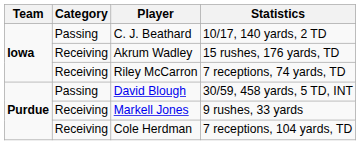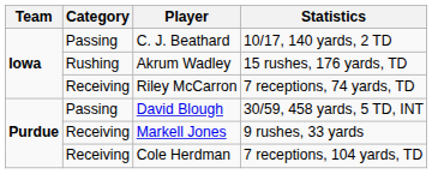 <table class="wikitable" style="float: left;">
 <tr>
 <th>Team</th>
 <th>Category</th>
 <th>Player</th>
 <th>Statistics</th>
 </tr>
 <tr>
 <td rowspan=3><strong>Iowa</strong></td>
 <td>Passing</td>
 <td>C. J. Beathard</td>
 <td>10/17, 140 yards, 2 TD</td>
 </tr>
 <tr>
-<td>Receiving</td>
+<td>Rushing</td>
 <td>Akrum Wadley</td>
 <td>15 rushes, 176 yards, TD</td>
 </tr>
 <tr>
 <td>Receiving</td>
 <td>Riley McCarron</td>
 <td>7 receptions, 74 yards, TD</td>
 </tr>
 <tr>
 <td rowspan=3><strong>Purdue</strong></td>
 <td>Passing</td>
 <td><a href='#'>David Blough</a></td>
 <td>30/59, 458 yards, 5 TD, INT</td>
 </tr>
 <tr>
 <td>Receiving</td>
 <td><a href='#'>Markell Jones</a></td>
 <td>9 rushes, 33 yards</td>
 </tr>
 <tr>
 <td>Receiving</td>
 <td>Cole Herdman</td>
 <td>7 receptions, 104 yards, TD</td>
 </tr>
 </table>
